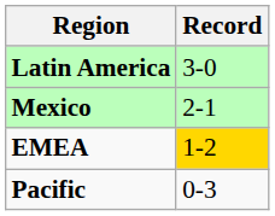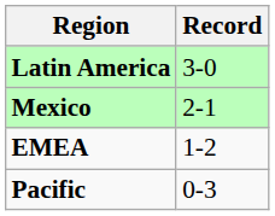 <table class="wikitable">
 <tr>
 <th>Region</th>
 <th>Record</th>
 </tr>
 <tr bgcolor=#bbffbb>
 <td><strong>Latin America</strong></td>
 <td>3-0</td>
 </tr>
 <tr bgcolor=#bbffbb>
 <td><strong>Mexico</strong></td>
 <td>2-1</td>
 </tr>
 <tr>
 <td><strong>EMEA</strong></td>
-<td style="background: gold;">1-2</td>
+<td>1-2</td>
 </tr>
 <tr>
 <td><strong>Pacific</strong></td>
 <td>0-3</td>
 </tr>
 </table>
